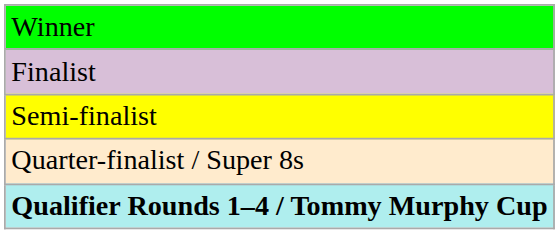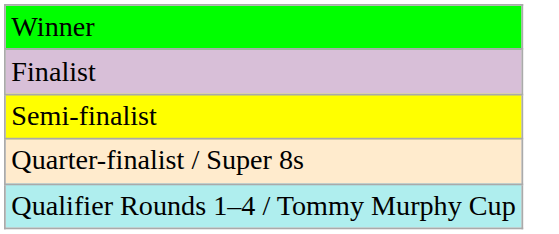 <table class="wikitable">
 <tr>
 <td bgcolor="lime">Winner</td>
 </tr>
 <tr>
 <td bgcolor="thistle">Finalist</td>
 </tr>
 <tr>
 <td bgcolor="yellow">Semi-finalist</td>
 </tr>
 <tr>
 <td style="background:#ffebcd;">Quarter-finalist / Super 8s</td>
 </tr>
 <tr>
-<td style="background:#afeeee;"><strong>Qualifier Rounds 1–4 / Tommy Murphy Cup</strong></td>
+<td style="background:#afeeee;">Qualifier Rounds 1–4 / Tommy Murphy Cup</td>
 </tr>
 </table>
